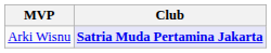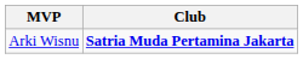 <table class="wikitable">
 <tr>
 <th>MVP</th>
 <th>Club</th>
 </tr>
 <tr>
 <td> <a href='#'>Arki Wisnu</a></td>
-<td style="background: lavender;"><strong><a href='#'>Satria Muda Pertamina Jakarta</a></strong></td>
+<td><strong><a href='#'>Satria Muda Pertamina Jakarta</a></strong></td>
 </tr>
 </table>
